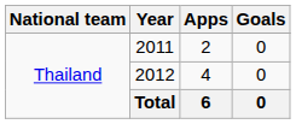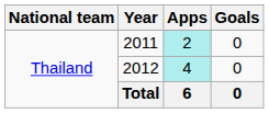 <table class="wikitable" style="text-align:center">
 <tr>
 <th>National team</th>
 <th>Year</th>
 <th>Apps</th>
 <th>Goals</th>
 </tr>
 <tr>
 <td rowspan="4" valign="center"><a href='#'>Thailand</a></td>
 </tr>
 <tr>
 <td>2011</td>
-<td>2</td>
+<td style="background: paleturquoise;">2</td>
 <td>0</td>
 </tr>
 <tr>
 <td>2012</td>
-<td>4</td>
+<td style="background: paleturquoise;">4</td>
 <td>0</td>
 </tr>
 <tr>
 <th>Total</th>
 <th>6</th>
 <th>0</th>
 </tr>
 </table>
